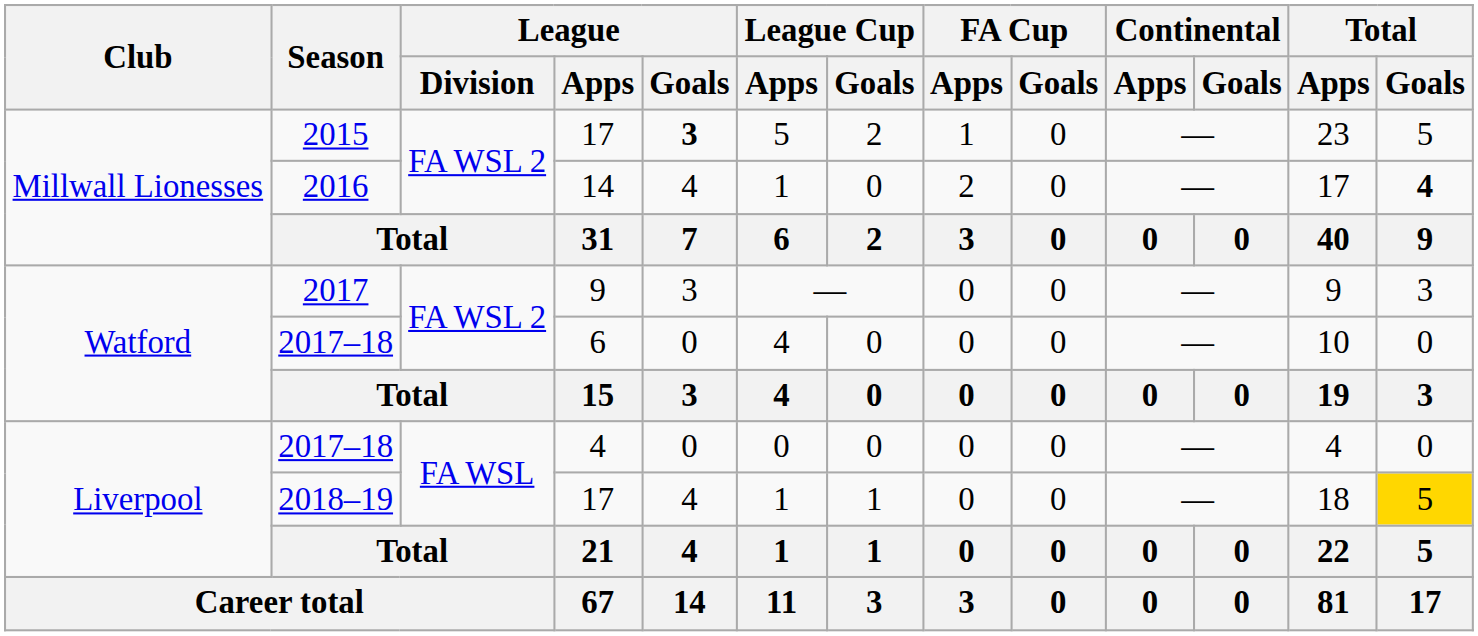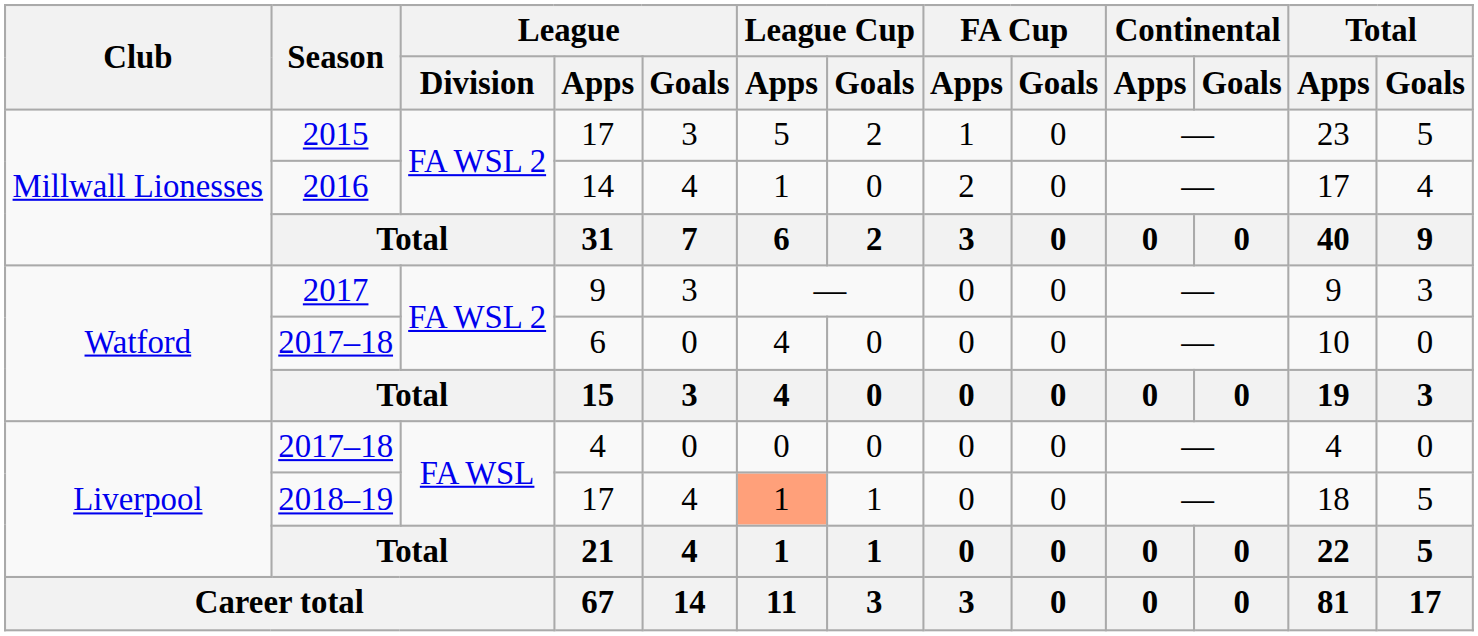 <table class="wikitable" style="text-align:center">
 <tr>
 <th rowspan="2">Club</th>
 <th rowspan="2">Season</th>
 <th colspan="3">League</th>
 <th colspan="2">League Cup</th>
 <th colspan="2">FA Cup</th>
 <th colspan="2">Continental</th>
 <th colspan="2">Total</th>
 </tr>
 <tr>
 <th>Division</th>
 <th>Apps</th>
 <th>Goals</th>
 <th>Apps</th>
 <th>Goals</th>
 <th>Apps</th>
 <th>Goals</th>
 <th>Apps</th>
 <th>Goals</th>
 <th>Apps</th>
 <th>Goals</th>
 </tr>
 <tr>
 <td rowspan="3"><a href='#'>Millwall Lionesses</a></td>
 <td><a href='#'>2015</a></td>
 <td rowspan="2"><a href='#'>FA WSL 2</a></td>
 <td>17</td>
-<td><strong>3</strong></td>
+<td>3</td>
 <td>5</td>
 <td>2</td>
 <td>1</td>
 <td>0</td>
 <td colspan="2">—</td>
 <td>23</td>
 <td>5</td>
 </tr>
 <tr>
 <td><a href='#'>2016</a></td>
 <td>14</td>
 <td>4</td>
 <td>1</td>
 <td>0</td>
 <td>2</td>
 <td>0</td>
 <td colspan="2">—</td>
 <td>17</td>
-<td><strong>4</strong></td>
+<td>4</td>
 </tr>
 <tr>
 <th colspan="2">Total</th>
 <th>31</th>
 <th>7</th>
 <th>6</th>
 <th>2</th>
 <th>3</th>
 <th>0</th>
 <th>0</th>
 <th>0</th>
 <th>40</th>
 <th>9</th>
 </tr>
 <tr>
 <td rowspan="3"><a href='#'>Watford</a></td>
 <td><a href='#'>2017</a></td>
 <td rowspan="2"><a href='#'>FA WSL 2</a></td>
 <td>9</td>
 <td>3</td>
 <td colspan="2">—</td>
 <td>0</td>
 <td>0</td>
 <td colspan="2">—</td>
 <td>9</td>
 <td>3</td>
 </tr>
 <tr>
 <td><a href='#'>2017–18</a></td>
 <td>6</td>
 <td>0</td>
 <td>4</td>
 <td>0</td>
 <td>0</td>
 <td>0</td>
 <td colspan="2">—</td>
 <td>10</td>
 <td>0</td>
 </tr>
 <tr>
 <th colspan="2">Total</th>
 <th>15</th>
 <th>3</th>
 <th>4</th>
 <th>0</th>
 <th>0</th>
 <th>0</th>
 <th>0</th>
 <th>0</th>
 <th>19</th>
 <th>3</th>
 </tr>
 <tr>
 <td rowspan="3"><a href='#'>Liverpool</a></td>
 <td><a href='#'>2017–18</a></td>
 <td rowspan="2"><a href='#'>FA WSL</a></td>
 <td>4</td>
 <td>0</td>
 <td>0</td>
 <td>0</td>
 <td>0</td>
 <td>0</td>
 <td colspan="2">—</td>
 <td>4</td>
 <td>0</td>
 </tr>
 <tr>
 <td><a href='#'>2018–19</a></td>
 <td>17</td>
 <td>4</td>
-<td>1</td>
+<td style="background: lightsalmon;">1</td>
 <td>1</td>
 <td>0</td>
 <td>0</td>
 <td colspan="2">—</td>
 <td>18</td>
-<td style="background: gold;">5</td>
+<td>5</td>
 </tr>
 <tr>
 <th colspan="2">Total</th>
 <th>21</th>
 <th>4</th>
 <th>1</th>
 <th>1</th>
 <th>0</th>
 <th>0</th>
 <th>0</th>
 <th>0</th>
 <th>22</th>
 <th>5</th>
 </tr>
 <tr>
 <th colspan="3">Career total</th>
 <th>67</th>
 <th>14</th>
 <th>11</th>
 <th>3</th>
 <th>3</th>
 <th>0</th>
 <th>0</th>
 <th>0</th>
 <th>81</th>
 <th>17</th>
 </tr>
 </table>
